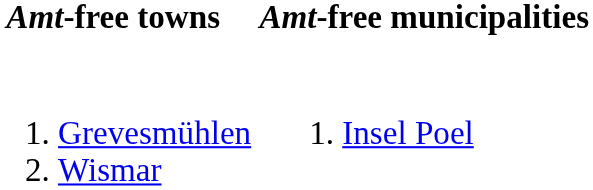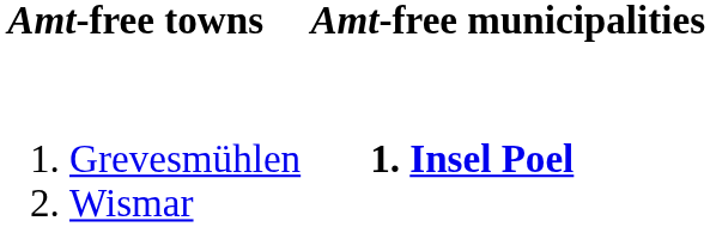 <table>
 <tr ---->
 <th><em>Amt</em>-free towns</th>
 <th><em>Amt</em>-free municipalities</th>
 </tr>
 <tr>
 <td valign=top><br><ol><li><a href='#'>Grevesmühlen</a></li><li><a href='#'>Wismar</a></li></ol></td>
-<td valign=top><br><ol><li><a href='#'>Insel Poel</a></li></ol></td>
+<td valign=top><strong><br><ol><li><a href='#'>Insel Poel</a></li></ol></strong></td>
 </tr>
 </table>
